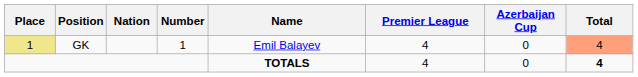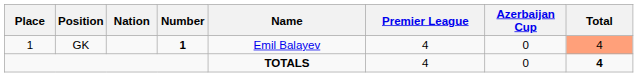 <table class="wikitable" style="font-size: 95%; text-align: center;">
 <tr>
 <th width=60>Place</th>
 <th width=60>Position</th>
 <th width=60>Nation</th>
 <th width=60>Number</th>
 <th width=200>Name</th>
 <th width=150><a href='#'>Premier League</a></th>
 <th width=100><a href='#'>Azerbaijan Cup</a></th>
 <th width=80><strong>Total</strong></th>
 </tr>
 <tr>
-<td style="background: khaki;">1</td>
+<td>1</td>
 <td>GK</td>
 <td></td>
-<td>1</td>
+<td><strong>1</strong></td>
 <td><a href='#'>Emil Balayev</a></td>
 <td>4</td>
 <td>0</td>
 <td style="background: lightsalmon;">4</td>
 </tr>
 <tr>
 <td colspan="4"></td>
 <td><strong>TOTALS</strong></td>
 <td>4</td>
 <td>0</td>
 <td><strong>4</strong></td>
 </tr>
 </table>
